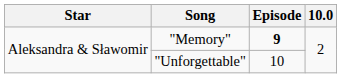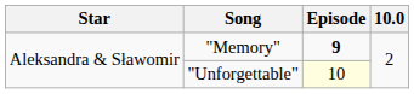 <table class="wikitable">
 <tr>
 <th>Star</th>
 <th>Song</th>
 <th>Episode</th>
 <th>10.0</th>
 </tr>
 <tr -->
 <td align="center" rowspan="2">Aleksandra & Sławomir</td>
 <td align="center">"Memory"</td>
 <td align="center"><strong>9</strong></td>
 <td align="center" rowspan="2">2</td>
 </tr>
 <tr>
 <td align="center">"Unforgettable"</td>
-<td align="center">10</td>
+<td align="center" style="background: lightyellow;">10</td>
 </tr>
 </table>
